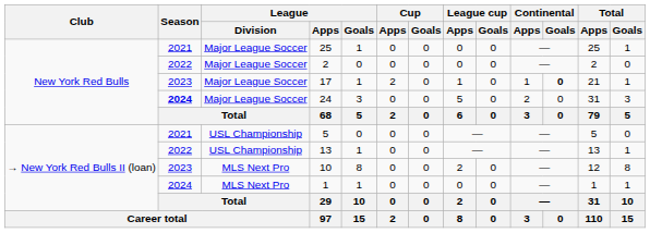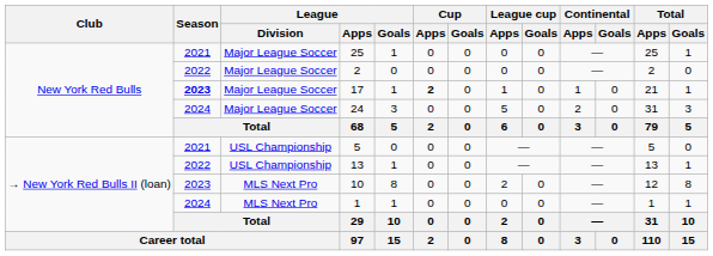 <table class=wikitable style=text-align:center>
 <tr>
 <th rowspan=2>Club</th>
 <th rowspan=2>Season</th>
 <th colspan=3>League</th>
 <th colspan=2>Cup</th>
 <th colspan=2>League cup</th>
 <th colspan=2>Continental</th>
 <th colspan=2>Total</th>
 </tr>
 <tr>
 <th>Division</th>
 <th>Apps</th>
 <th>Goals</th>
 <th>Apps</th>
 <th>Goals</th>
 <th>Apps</th>
 <th>Goals</th>
 <th>Apps</th>
 <th>Goals</th>
 <th>Apps</th>
 <th>Goals</th>
 </tr>
 <tr>
 <td rowspan=5><a href='#'>New York Red Bulls</a></td>
 <td><a href='#'>2021</a></td>
 <td><a href='#'>Major League Soccer</a></td>
 <td>25</td>
 <td>1</td>
 <td>0</td>
 <td>0</td>
 <td>0</td>
 <td>0</td>
 <td colspan=2>—</td>
 <td>25</td>
 <td>1</td>
 </tr>
 <tr>
 <td><a href='#'>2022</a></td>
 <td><a href='#'>Major League Soccer</a></td>
 <td>2</td>
 <td>0</td>
 <td>0</td>
 <td>0</td>
 <td>0</td>
 <td>0</td>
 <td colspan=2>—</td>
 <td>2</td>
 <td>0</td>
 </tr>
 <tr>
-<td><a href='#'>2023</a></td>
+<td><strong><a href='#'>2023</a></strong></td>
 <td><a href='#'>Major League Soccer</a></td>
 <td>17</td>
 <td>1</td>
-<td>2</td>
+<td><strong>2</strong></td>
 <td>0</td>
 <td>1</td>
 <td>0</td>
 <td>1</td>
-<td><strong>0</strong></td>
+<td>0</td>
 <td>21</td>
 <td>1</td>
 </tr>
 <tr>
-<td><strong><a href='#'>2024</a></strong></td>
+<td><a href='#'>2024</a></td>
 <td><a href='#'>Major League Soccer</a></td>
 <td>24</td>
 <td>3</td>
 <td>0</td>
 <td>0</td>
 <td>5</td>
 <td>0</td>
 <td>2</td>
 <td>0</td>
 <td>31</td>
 <td>3</td>
 </tr>
 <tr>
 <th colspan=2>Total</th>
 <th>68</th>
 <th>5</th>
 <th>2</th>
 <th>0</th>
 <th>6</th>
 <th>0</th>
 <th>3</th>
 <th>0</th>
 <th>79</th>
 <th>5</th>
 </tr>
 <tr>
 <td rowspan=5>→ <a href='#'>New York Red Bulls II</a> (loan)</td>
 <td><a href='#'>2021</a></td>
 <td><a href='#'>USL Championship</a></td>
 <td>5</td>
 <td>0</td>
 <td>0</td>
 <td>0</td>
 <td colspan=2>—</td>
 <td colspan=2>—</td>
 <td>5</td>
 <td>0</td>
 </tr>
 <tr>
 <td><a href='#'>2022</a></td>
 <td><a href='#'>USL Championship</a></td>
 <td>13</td>
 <td>1</td>
 <td>0</td>
 <td>0</td>
 <td colspan=2>—</td>
 <td colspan=2>—</td>
 <td>13</td>
 <td>1</td>
 </tr>
 <tr>
 <td><a href='#'>2023</a></td>
 <td><a href='#'>MLS Next Pro</a></td>
 <td>10</td>
 <td>8</td>
 <td>0</td>
 <td>0</td>
 <td>2</td>
 <td>0</td>
 <td colspan=2>—</td>
 <td>12</td>
 <td>8</td>
 </tr>
 <tr>
 <td><a href='#'>2024</a></td>
 <td><a href='#'>MLS Next Pro</a></td>
 <td>1</td>
 <td>1</td>
 <td>0</td>
 <td>0</td>
 <td>0</td>
 <td>0</td>
 <td colspan=2>—</td>
 <td>1</td>
 <td>1</td>
 </tr>
 <tr>
 <th colspan=2>Total</th>
 <th>29</th>
 <th>10</th>
 <th>0</th>
 <th>0</th>
 <th>2</th>
 <th>0</th>
 <th colspan=2>—</th>
 <th>31</th>
 <th>10</th>
 </tr>
 <tr>
 <th colspan="3">Career total</th>
 <th>97</th>
 <th>15</th>
 <th>2</th>
 <th>0</th>
 <th>8</th>
 <th>0</th>
 <th>3</th>
 <th>0</th>
 <th>110</th>
 <th>15</th>
 </tr>
 </table>
